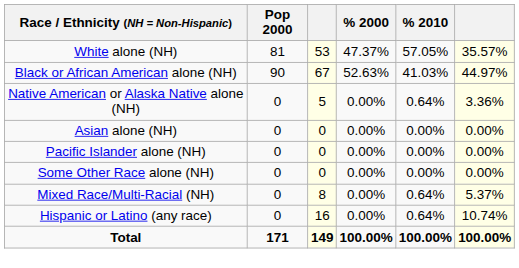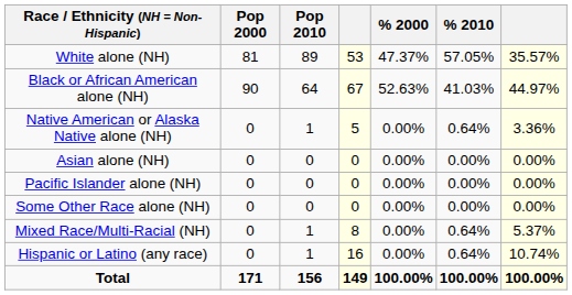 <table class="wikitable" style="text-align:center;">
 <tr>
 <th>Race / Ethnicity <small>(<em>NH = Non-Hispanic</em>)</small></th>
 <th>Pop 2000</th>
+<th>Pop 2010</th>
 <th></th>
 <th>% 2000</th>
 <th>% 2010</th>
 <th></th>
 </tr>
 <tr>
 <td><a href='#'>White</a> alone (NH)</td>
 <td>81</td>
+<td>89</td>
 <td style='background: #ffffe6;'>53</td>
 <td>47.37%</td>
 <td>57.05%</td>
 <td style='background: #ffffe6;'>35.57%</td>
 </tr>
 <tr>
 <td><a href='#'>Black or African American</a> alone (NH)</td>
 <td>90</td>
+<td>64</td>
 <td style='background: #ffffe6;'>67</td>
 <td>52.63%</td>
 <td>41.03%</td>
 <td style='background: #ffffe6;'>44.97%</td>
 </tr>
 <tr>
 <td><a href='#'>Native American</a> or <a href='#'>Alaska Native</a> alone (NH)</td>
 <td>0</td>
+<td>1</td>
 <td style='background: #ffffe6;'>5</td>
 <td>0.00%</td>
 <td>0.64%</td>
 <td style='background: #ffffe6;'>3.36%</td>
 </tr>
 <tr>
 <td><a href='#'>Asian</a> alone (NH)</td>
+<td>0</td>
 <td>0</td>
 <td style='background: #ffffe6;'>0</td>
 <td>0.00%</td>
 <td>0.00%</td>
 <td style='background: #ffffe6;'>0.00%</td>
 </tr>
 <tr>
 <td><a href='#'>Pacific Islander</a> alone (NH)</td>
 <td>0</td>
+<td>0</td>
 <td style='background: #ffffe6;'>0</td>
 <td>0.00%</td>
 <td>0.00%</td>
 <td style='background: #ffffe6;'>0.00%</td>
 </tr>
 <tr>
 <td><a href='#'>Some Other Race</a> alone (NH)</td>
+<td>0</td>
 <td>0</td>
 <td style='background: #ffffe6;'>0</td>
 <td>0.00%</td>
 <td>0.00%</td>
 <td style='background: #ffffe6;'>0.00%</td>
 </tr>
 <tr>
 <td><a href='#'>Mixed Race/Multi-Racial</a> (NH)</td>
 <td>0</td>
+<td>1</td>
 <td style='background: #ffffe6;'>8</td>
 <td>0.00%</td>
 <td>0.64%</td>
 <td style='background: #ffffe6;'>5.37%</td>
 </tr>
 <tr>
 <td><a href='#'>Hispanic or Latino</a> (any race)</td>
 <td>0</td>
+<td>1</td>
 <td style='background: #ffffe6;'>16</td>
 <td>0.00%</td>
 <td>0.64%</td>
 <td style='background: #ffffe6;'>10.74%</td>
 </tr>
 <tr>
 <td><strong>Total</strong></td>
 <td><strong>171</strong></td>
+<td><strong>156</strong></td>
 <td style='background: #ffffe6;'><strong>149</strong></td>
 <td><strong>100.00%</strong></td>
 <td><strong>100.00%</strong></td>
 <td style='background: #ffffe6;'><strong>100.00%</strong></td>
 </tr>
 </table>
